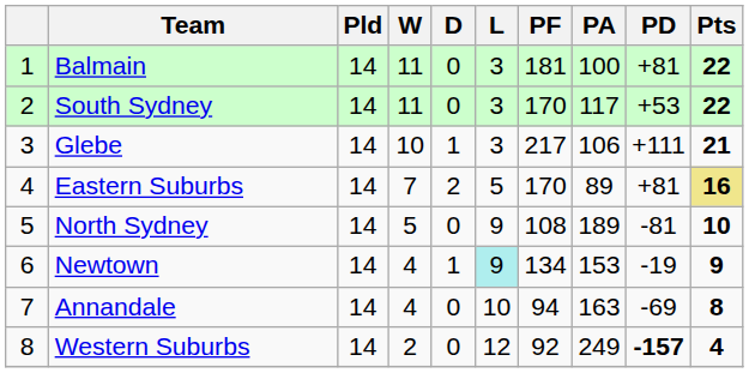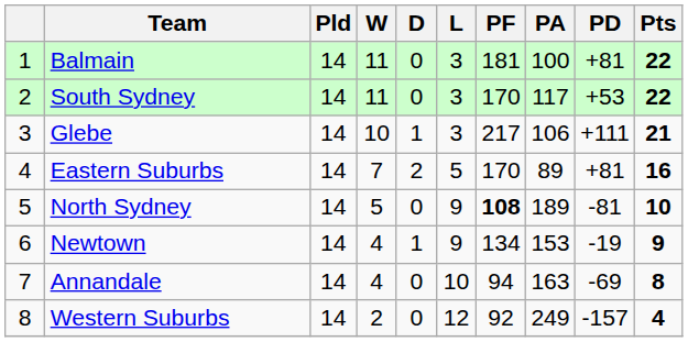 <table class="wikitable" style="text-align:center;">
 <tr>
 <th width=20 abbr="Position×"></th>
 <th width=175>Team</th>
 <th width=20 abbr="Played">Pld</th>
 <th width=20 abbr="Won">W</th>
 <th width=20 abbr="Drawn">D</th>
 <th width=20 abbr="Lost">L</th>
 <th width=20 abbr="Points for">PF</th>
 <th width=20 abbr="Points against">PA</th>
 <th width=20 abbr="Points difference">PD</th>
 <th width=20 abbr="Points">Pts</th>
 </tr>
 <tr style="background: #ccffcc;">
 <td>1</td>
 <td style="text-align:left;"> <a href='#'>Balmain</a></td>
 <td>14</td>
 <td>11</td>
 <td>0</td>
 <td>3</td>
 <td>181</td>
 <td>100</td>
 <td>+81</td>
 <td><strong>22</strong></td>
 </tr>
 <tr style="background: #ccffcc;">
 <td>2</td>
 <td style="text-align:left;"> <a href='#'>South Sydney</a></td>
 <td>14</td>
 <td>11</td>
 <td>0</td>
 <td>3</td>
 <td>170</td>
 <td>117</td>
 <td>+53</td>
 <td><strong>22</strong></td>
 </tr>
 <tr>
 <td>3</td>
 <td style="text-align:left;"> <a href='#'>Glebe</a></td>
 <td>14</td>
 <td>10</td>
 <td>1</td>
 <td>3</td>
 <td>217</td>
 <td>106</td>
 <td>+111</td>
 <td><strong>21</strong></td>
 </tr>
 <tr>
 <td>4</td>
 <td style="text-align:left;"> <a href='#'>Eastern Suburbs</a></td>
 <td>14</td>
 <td>7</td>
 <td>2</td>
 <td>5</td>
 <td>170</td>
 <td>89</td>
 <td>+81</td>
-<td style="background: khaki;"><strong>16</strong></td>
+<td><strong>16</strong></td>
 </tr>
 <tr>
 <td>5</td>
 <td style="text-align:left;"> <a href='#'>North Sydney</a></td>
 <td>14</td>
 <td>5</td>
 <td>0</td>
 <td>9</td>
-<td>108</td>
+<td><strong>108</strong></td>
 <td>189</td>
 <td>-81</td>
 <td><strong>10</strong></td>
 </tr>
 <tr>
 <td>6</td>
 <td style="text-align:left;"> <a href='#'>Newtown</a></td>
 <td>14</td>
 <td>4</td>
 <td>1</td>
-<td style="background: paleturquoise;">9</td>
+<td>9</td>
 <td>134</td>
 <td>153</td>
 <td>-19</td>
 <td><strong>9</strong></td>
 </tr>
 <tr>
 <td>7</td>
 <td style="text-align:left;"> <a href='#'>Annandale</a></td>
 <td>14</td>
 <td>4</td>
 <td>0</td>
 <td>10</td>
 <td>94</td>
 <td>163</td>
 <td>-69</td>
 <td><strong>8</strong></td>
 </tr>
 <tr>
 <td>8</td>
 <td style="text-align:left;"> <a href='#'>Western Suburbs</a></td>
 <td>14</td>
 <td>2</td>
 <td>0</td>
 <td>12</td>
 <td>92</td>
 <td>249</td>
-<td><strong>-157</strong></td>
+<td>-157</td>
 <td><strong>4</strong></td>
 </tr>
 <tr>
 </tr>
 </table>
